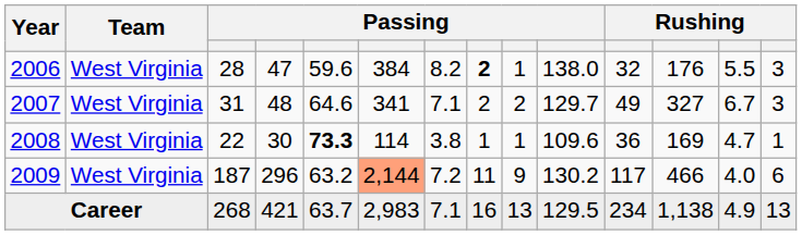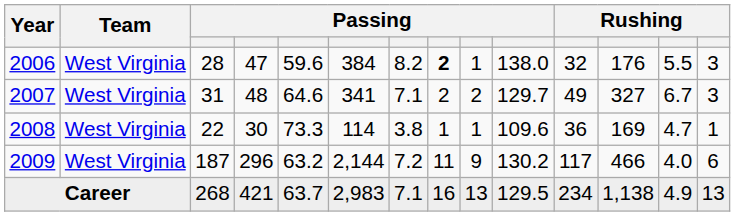 <table class="wikitable sortable" style="text-align:center;">
 <tr>
 <th rowspan=2>Year</th>
 <th rowspan=2>Team</th>
 <th colspan=8>Passing</th>
 <th colspan=4>Rushing</th>
 </tr>
 <tr>
 <th></th>
 <th></th>
 <th></th>
 <th></th>
 <th></th>
 <th></th>
 <th></th>
 <th></th>
 <th></th>
 <th></th>
 <th></th>
 <th></th>
 </tr>
 <tr>
 <td><a href='#'>2006</a></td>
 <td><a href='#'>West Virginia</a></td>
 <td>28</td>
 <td>47</td>
 <td>59.6</td>
 <td>384</td>
 <td>8.2</td>
 <td><strong>2</strong></td>
 <td>1</td>
 <td>138.0</td>
 <td>32</td>
 <td>176</td>
 <td>5.5</td>
 <td>3</td>
 </tr>
 <tr>
 <td><a href='#'>2007</a></td>
 <td><a href='#'>West Virginia</a></td>
 <td>31</td>
 <td>48</td>
 <td>64.6</td>
 <td>341</td>
 <td>7.1</td>
 <td>2</td>
 <td>2</td>
 <td>129.7</td>
 <td>49</td>
 <td>327</td>
 <td>6.7</td>
 <td>3</td>
 </tr>
 <tr>
 <td><a href='#'>2008</a></td>
 <td><a href='#'>West Virginia</a></td>
 <td>22</td>
 <td>30</td>
-<td><strong>73.3</strong></td>
+<td>73.3</td>
 <td>114</td>
 <td>3.8</td>
 <td>1</td>
 <td>1</td>
 <td>109.6</td>
 <td>36</td>
 <td>169</td>
 <td>4.7</td>
 <td>1</td>
 </tr>
 <tr>
 <td><a href='#'>2009</a></td>
 <td><a href='#'>West Virginia</a></td>
 <td>187</td>
 <td>296</td>
 <td>63.2</td>
-<td style="background: lightsalmon;">2,144</td>
+<td>2,144</td>
 <td>7.2</td>
 <td>11</td>
 <td>9</td>
 <td>130.2</td>
 <td>117</td>
 <td>466</td>
 <td>4.0</td>
 <td>6</td>
 </tr>
 <tr class="sortbottom" style="background:#eee;">
 <td colspan=2><strong>Career</strong></td>
 <td>268</td>
 <td>421</td>
 <td>63.7</td>
 <td>2,983</td>
 <td>7.1</td>
 <td>16</td>
 <td>13</td>
 <td>129.5</td>
 <td>234</td>
 <td>1,138</td>
 <td>4.9</td>
 <td>13</td>
 </tr>
 </table>
